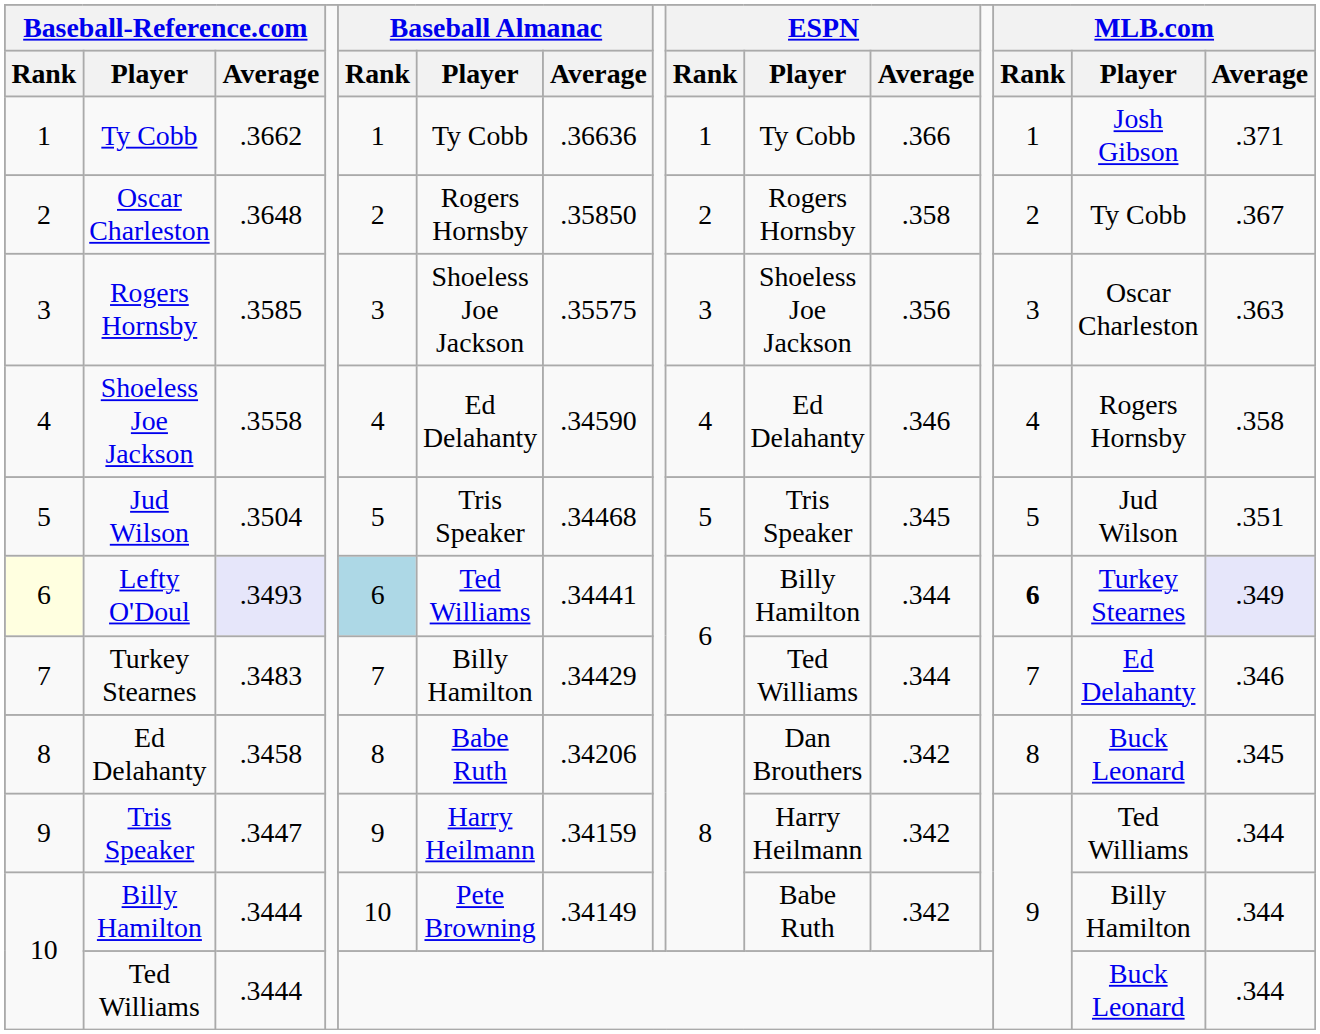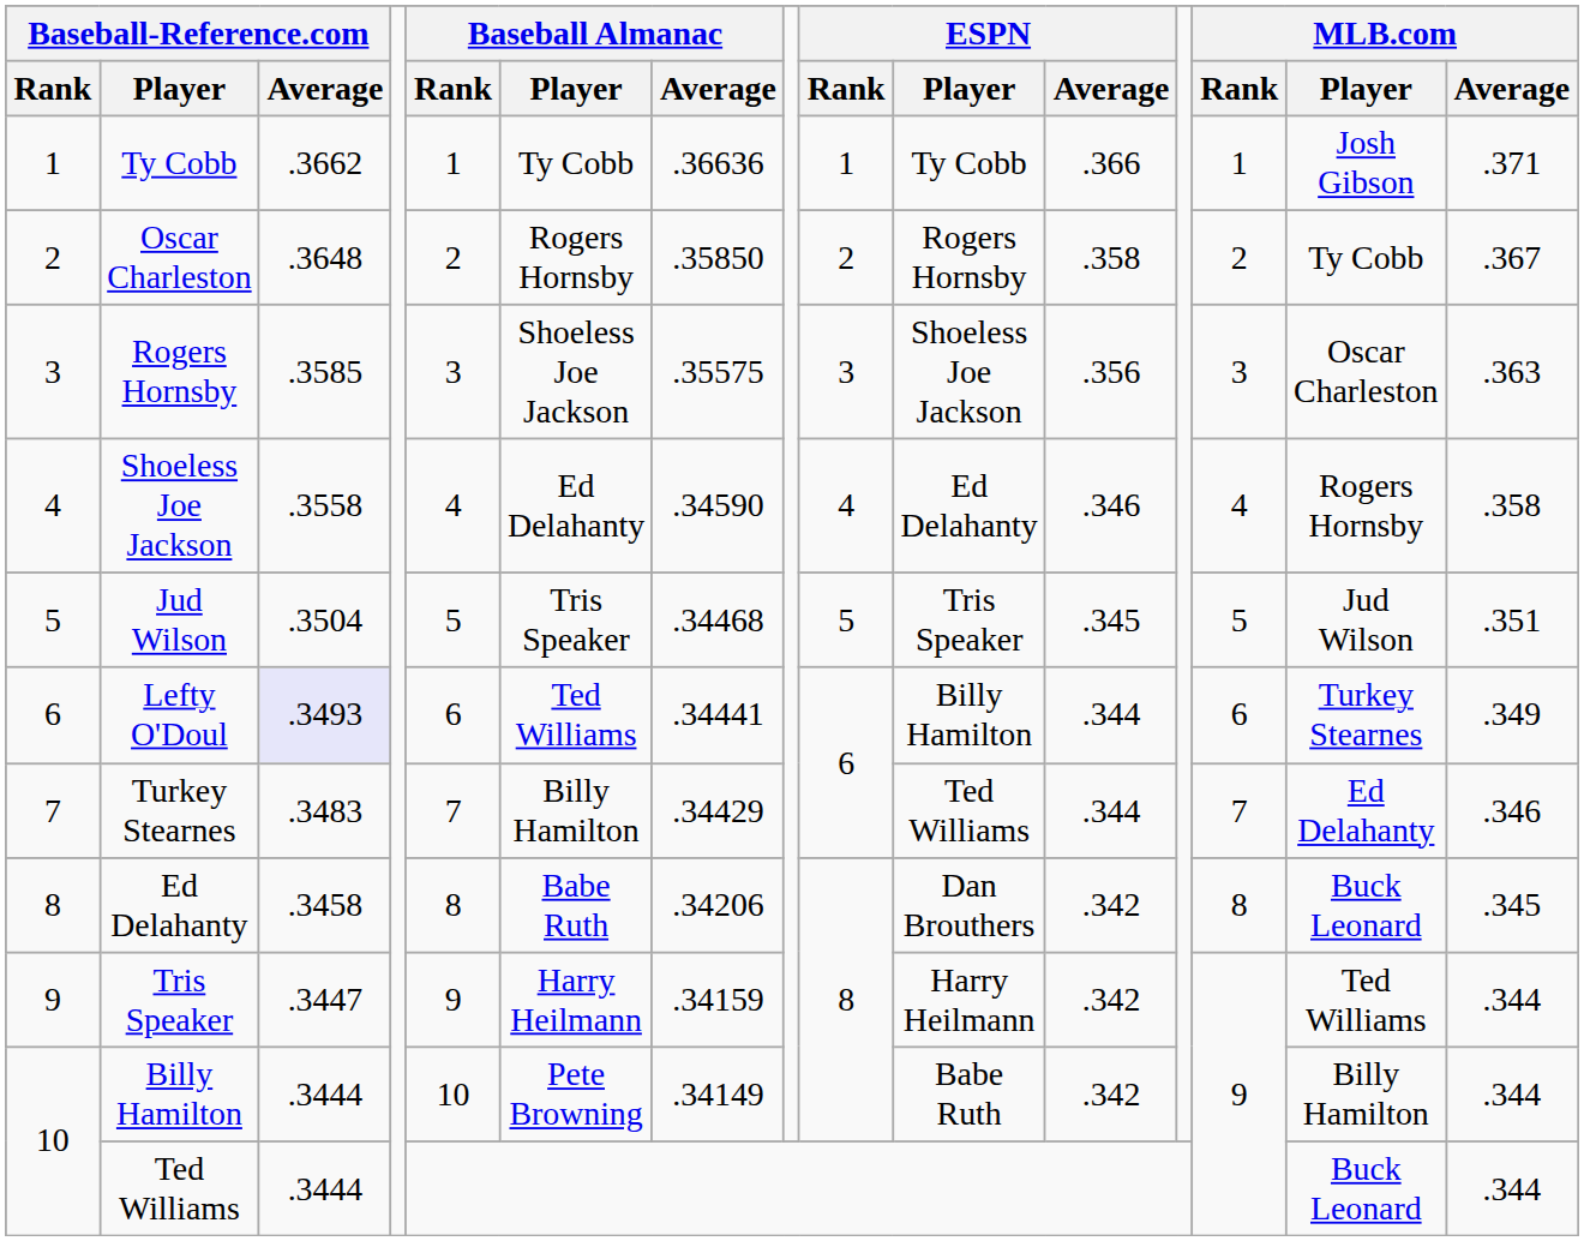 <table class="wikitable" style="text-align:center; font-size: 95%;">
 <tr>
 <th colspan=3><a href='#'>Baseball-Reference.com</a></th>
 <td rowspan=13></td>
 <th colspan=3><a href='#'>Baseball Almanac</a></th>
 <td rowspan=12></td>
 <th colspan=3><a href='#'>ESPN</a></th>
 <td rowspan=12></td>
 <th colspan=3><a href='#'>MLB.com</a></th>
 </tr>
 <tr>
 <th>Rank</th>
 <th>Player</th>
 <th>Average</th>
 <th>Rank</th>
 <th>Player</th>
 <th>Average</th>
 <th>Rank</th>
 <th>Player</th>
 <th>Average</th>
 <th>Rank</th>
 <th>Player</th>
 <th>Average</th>
 </tr>
 <tr>
 <td>1</td>
 <td><a href='#'>Ty Cobb</a></td>
 <td>.3662</td>
 <td>1</td>
 <td>Ty Cobb</td>
 <td>.36636</td>
 <td>1</td>
 <td>Ty Cobb</td>
 <td>.366</td>
 <td>1</td>
 <td><a href='#'>Josh Gibson</a></td>
 <td>.371</td>
 </tr>
 <tr>
 <td>2</td>
 <td><a href='#'>Oscar Charleston</a></td>
 <td>.3648</td>
 <td>2</td>
 <td>Rogers Hornsby</td>
 <td>.35850</td>
 <td>2</td>
 <td>Rogers Hornsby</td>
 <td>.358</td>
 <td>2</td>
 <td>Ty Cobb</td>
 <td>.367</td>
 </tr>
 <tr>
 <td>3</td>
 <td><a href='#'>Rogers Hornsby</a></td>
 <td>.3585</td>
 <td>3</td>
 <td>Shoeless Joe Jackson</td>
 <td>.35575</td>
 <td>3</td>
 <td>Shoeless Joe Jackson</td>
 <td>.356</td>
 <td>3</td>
 <td>Oscar Charleston</td>
 <td>.363</td>
 </tr>
 <tr>
 <td>4</td>
 <td><a href='#'>Shoeless Joe Jackson</a></td>
 <td>.3558</td>
 <td>4</td>
 <td>Ed Delahanty</td>
 <td>.34590</td>
 <td>4</td>
 <td>Ed Delahanty</td>
 <td>.346</td>
 <td>4</td>
 <td>Rogers Hornsby</td>
 <td>.358</td>
 </tr>
 <tr>
 <td>5</td>
 <td><a href='#'>Jud Wilson</a></td>
 <td>.3504</td>
 <td>5</td>
 <td>Tris Speaker</td>
 <td>.34468</td>
 <td>5</td>
 <td>Tris Speaker</td>
 <td>.345</td>
 <td>5</td>
 <td>Jud Wilson</td>
 <td>.351</td>
 </tr>
 <tr>
-<td style="background: lightyellow;">6</td>
+<td>6</td>
 <td><a href='#'>Lefty O'Doul</a></td>
 <td style="background: lavender;">.3493</td>
-<td style="background: lightblue;">6</td>
+<td>6</td>
 <td><a href='#'>Ted Williams</a></td>
 <td>.34441</td>
 <td rowspan=2>6</td>
 <td>Billy Hamilton</td>
 <td>.344</td>
-<td><strong>6</strong></td>
+<td>6</td>
 <td><a href='#'>Turkey Stearnes</a></td>
-<td style="background: lavender;">.349</td>
+<td>.349</td>
 </tr>
 <tr>
 <td>7</td>
 <td>Turkey Stearnes</td>
 <td>.3483</td>
 <td>7</td>
 <td>Billy Hamilton</td>
 <td>.34429</td>
 <td>Ted Williams</td>
 <td>.344</td>
 <td>7</td>
 <td><a href='#'>Ed Delahanty</a></td>
 <td>.346</td>
 </tr>
 <tr>
 <td>8</td>
 <td>Ed Delahanty</td>
 <td>.3458</td>
 <td>8</td>
 <td><a href='#'>Babe Ruth</a></td>
 <td>.34206</td>
 <td rowspan=3>8</td>
 <td>Dan Brouthers</td>
 <td>.342</td>
 <td>8</td>
 <td><a href='#'>Buck Leonard</a></td>
 <td>.345</td>
 </tr>
 <tr>
 <td>9</td>
 <td><a href='#'>Tris Speaker</a></td>
 <td>.3447</td>
 <td>9</td>
 <td><a href='#'>Harry Heilmann</a></td>
 <td>.34159</td>
 <td>Harry Heilmann</td>
 <td>.342</td>
 <td rowspan=3>9</td>
 <td>Ted Williams</td>
 <td>.344</td>
 </tr>
 <tr>
 <td rowspan=2>10</td>
 <td><a href='#'>Billy Hamilton</a></td>
 <td>.3444</td>
 <td>10</td>
 <td><a href='#'>Pete Browning</a></td>
 <td>.34149</td>
 <td>Babe Ruth</td>
 <td>.342</td>
 <td>Billy Hamilton</td>
 <td>.344</td>
 </tr>
 <tr>
 <td>Ted Williams</td>
 <td>.3444</td>
 <td colspan=9></td>
 <td><a href='#'>Buck Leonard</a></td>
 <td>.344</td>
 </tr>
 <tr>
 </tr>
 </table>
